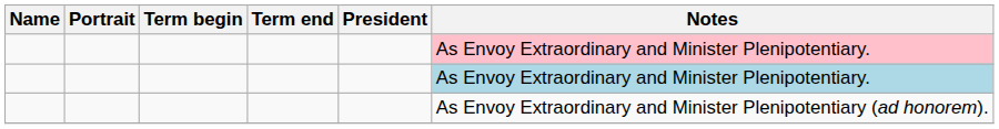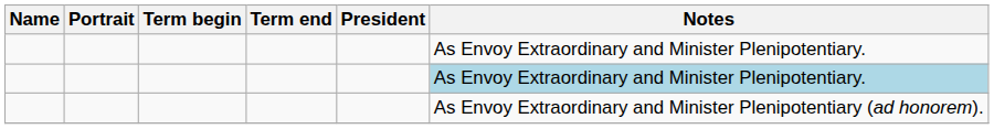 <table class="wikitable sortable"  text-align:center;">
 <tr>
 <th>Name</th>
 <th class="unsortable">Portrait</th>
 <th>Term begin</th>
 <th>Term end</th>
 <th>President</th>
 <th class="unsortable">Notes</th>
 </tr>
 <tr>
 <td></td>
 <td></td>
 <td></td>
 <td></td>
 <td></td>
-<td style="background: pink;">As Envoy Extraordinary and Minister Plenipotentiary.</td>
+<td>As Envoy Extraordinary and Minister Plenipotentiary.</td>
 </tr>
 <tr>
 <td></td>
 <td></td>
 <td></td>
 <td></td>
 <td></td>
 <td style="background: lightblue;">As Envoy Extraordinary and Minister Plenipotentiary.</td>
 </tr>
 <tr>
 <td></td>
 <td></td>
 <td></td>
 <td></td>
 <td></td>
 <td>As Envoy Extraordinary and Minister Plenipotentiary (<em>ad honorem</em>).</td>
 </tr>
 <tr>
 </tr>
 </table>
